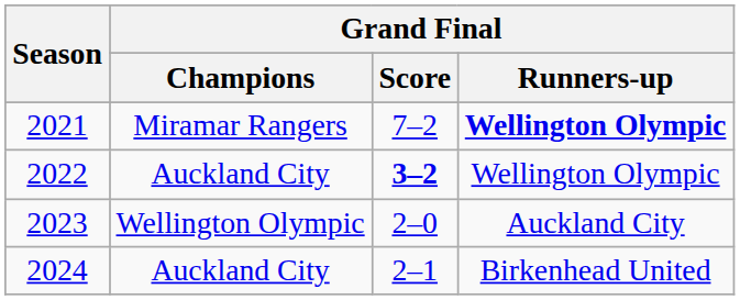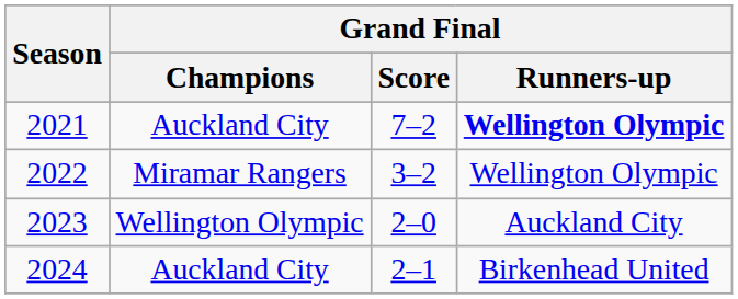 <table class="wikitable" style="text-align: center;">
 <tr>
 <th rowspan=2>Season</th>
 <th colspan=3>Grand Final</th>
 </tr>
 <tr>
 <th>Champions</th>
 <th>Score</th>
 <th>Runners-up</th>
 </tr>
 <tr>
 <td><a href='#'>2021</a></td>
-<td><a href='#'>Miramar Rangers</a></td>
+<td><a href='#'>Auckland City</a></td>
 <td><a href='#'>7–2</a></td>
 <td><strong><a href='#'>Wellington Olympic</a></strong></td>
 </tr>
 <tr>
 <td><a href='#'>2022</a></td>
-<td><a href='#'>Auckland City</a></td>
-<td><strong><a href='#'>3–2</a></strong></td>
+<td><a href='#'>Miramar Rangers</a></td>
+<td><a href='#'>3–2</a></td>
 <td><a href='#'>Wellington Olympic</a></td>
 </tr>
 <tr>
 <td><a href='#'>2023</a></td>
 <td><a href='#'>Wellington Olympic</a></td>
 <td><a href='#'>2–0</a></td>
 <td><a href='#'>Auckland City</a></td>
 </tr>
 <tr>
 <td><a href='#'>2024</a></td>
 <td><a href='#'>Auckland City</a></td>
 <td><a href='#'>2–1</a> </td>
 <td><a href='#'>Birkenhead United</a></td>
 </tr>
 </table>
